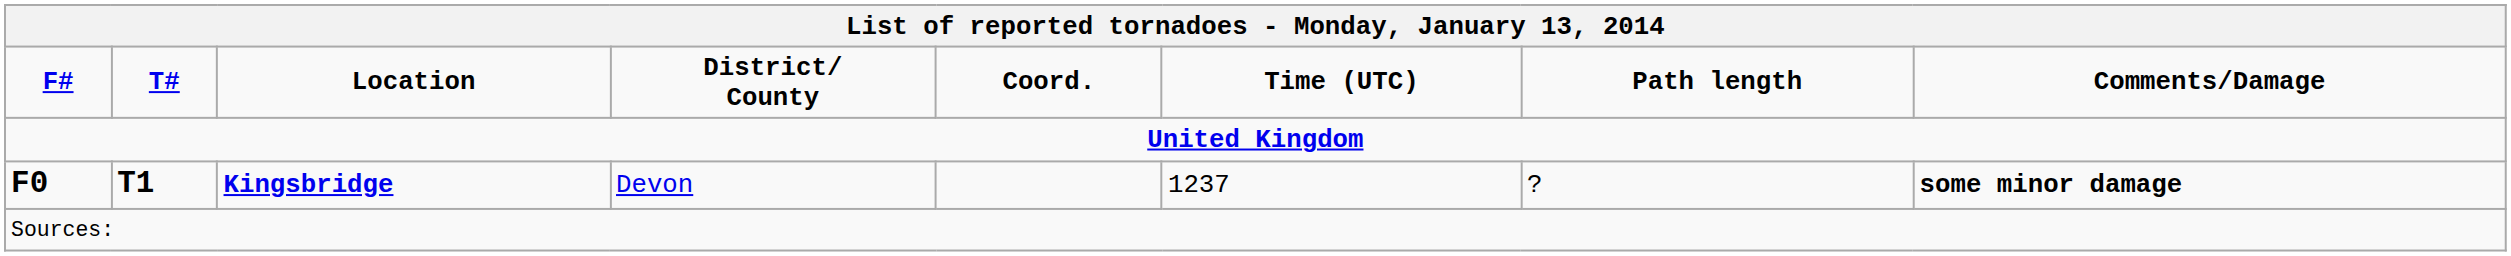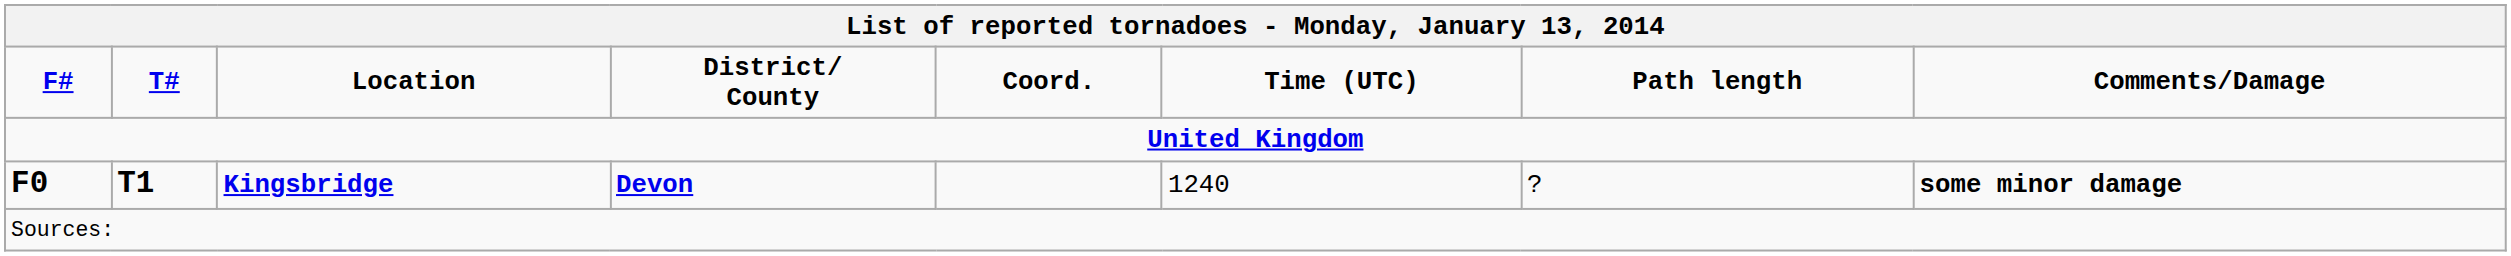 <table class="wikitable collapsible" width="100%">
 <tr>
 <th colspan="8">List of reported tornadoes - Monday, January 13, 2014</th>
 </tr>
 <tr>
 <td style="text-align: center;"><strong><a href='#'>F#</a></strong></td>
 <td style="text-align: center;"><strong><a href='#'>T#</a></strong></td>
 <td style="text-align: center;"><strong>Location</strong></td>
 <td style="text-align: center;"><strong>District/<br>County</strong></td>
 <td style="text-align: center;"><strong>Coord.</strong></td>
 <td style="text-align: center;"><strong>Time (UTC)</strong></td>
 <td style="text-align: center;"><strong>Path length</strong></td>
 <td style="text-align: center;"><strong>Comments/Damage</strong></td>
 </tr>
 <tr>
 <td colspan="8" align=center><strong><a href='#'>United Kingdom</a></strong></td>
 </tr>
 <tr>
 <td><big><strong>F0</strong></big></td>
 <td><big><strong>T1</strong></big></td>
 <td><strong><a href='#'>Kingsbridge</a></strong></td>
-<td><a href='#'>Devon</a></td>
+<td><strong><a href='#'>Devon</a></strong></td>
 <td></td>
-<td>1237</td>
+<td>1240</td>
 <td>?</td>
 <td><strong>some minor damage</strong></td>
 </tr>
 <tr>
 <td colspan="8"><small>Sources:</small></td>
 </tr>
 </table>
